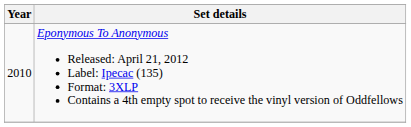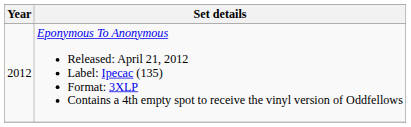 <table class="wikitable" border="1">
 <tr>
 </tr>
 <tr>
 <th>Year</th>
 <th>Set details</th>
 </tr>
 <tr>
 </tr>
 <tr>
-<td>2010</td>
+<td>2012</td>
 <td align="left"><em><a href='#'>Eponymous To Anonymous</a></em><br><ul><li>Released: April 21, 2012</li><li>Label: <a href='#'>Ipecac</a> (135)</li><li>Format: <a href='#'>3XLP</a></li><li>Contains a 4th empty spot to receive the vinyl version of Oddfellows</li></ul></td>
 </tr>
 <tr>
 </tr>
 <tr>
 </tr>
 </table>
